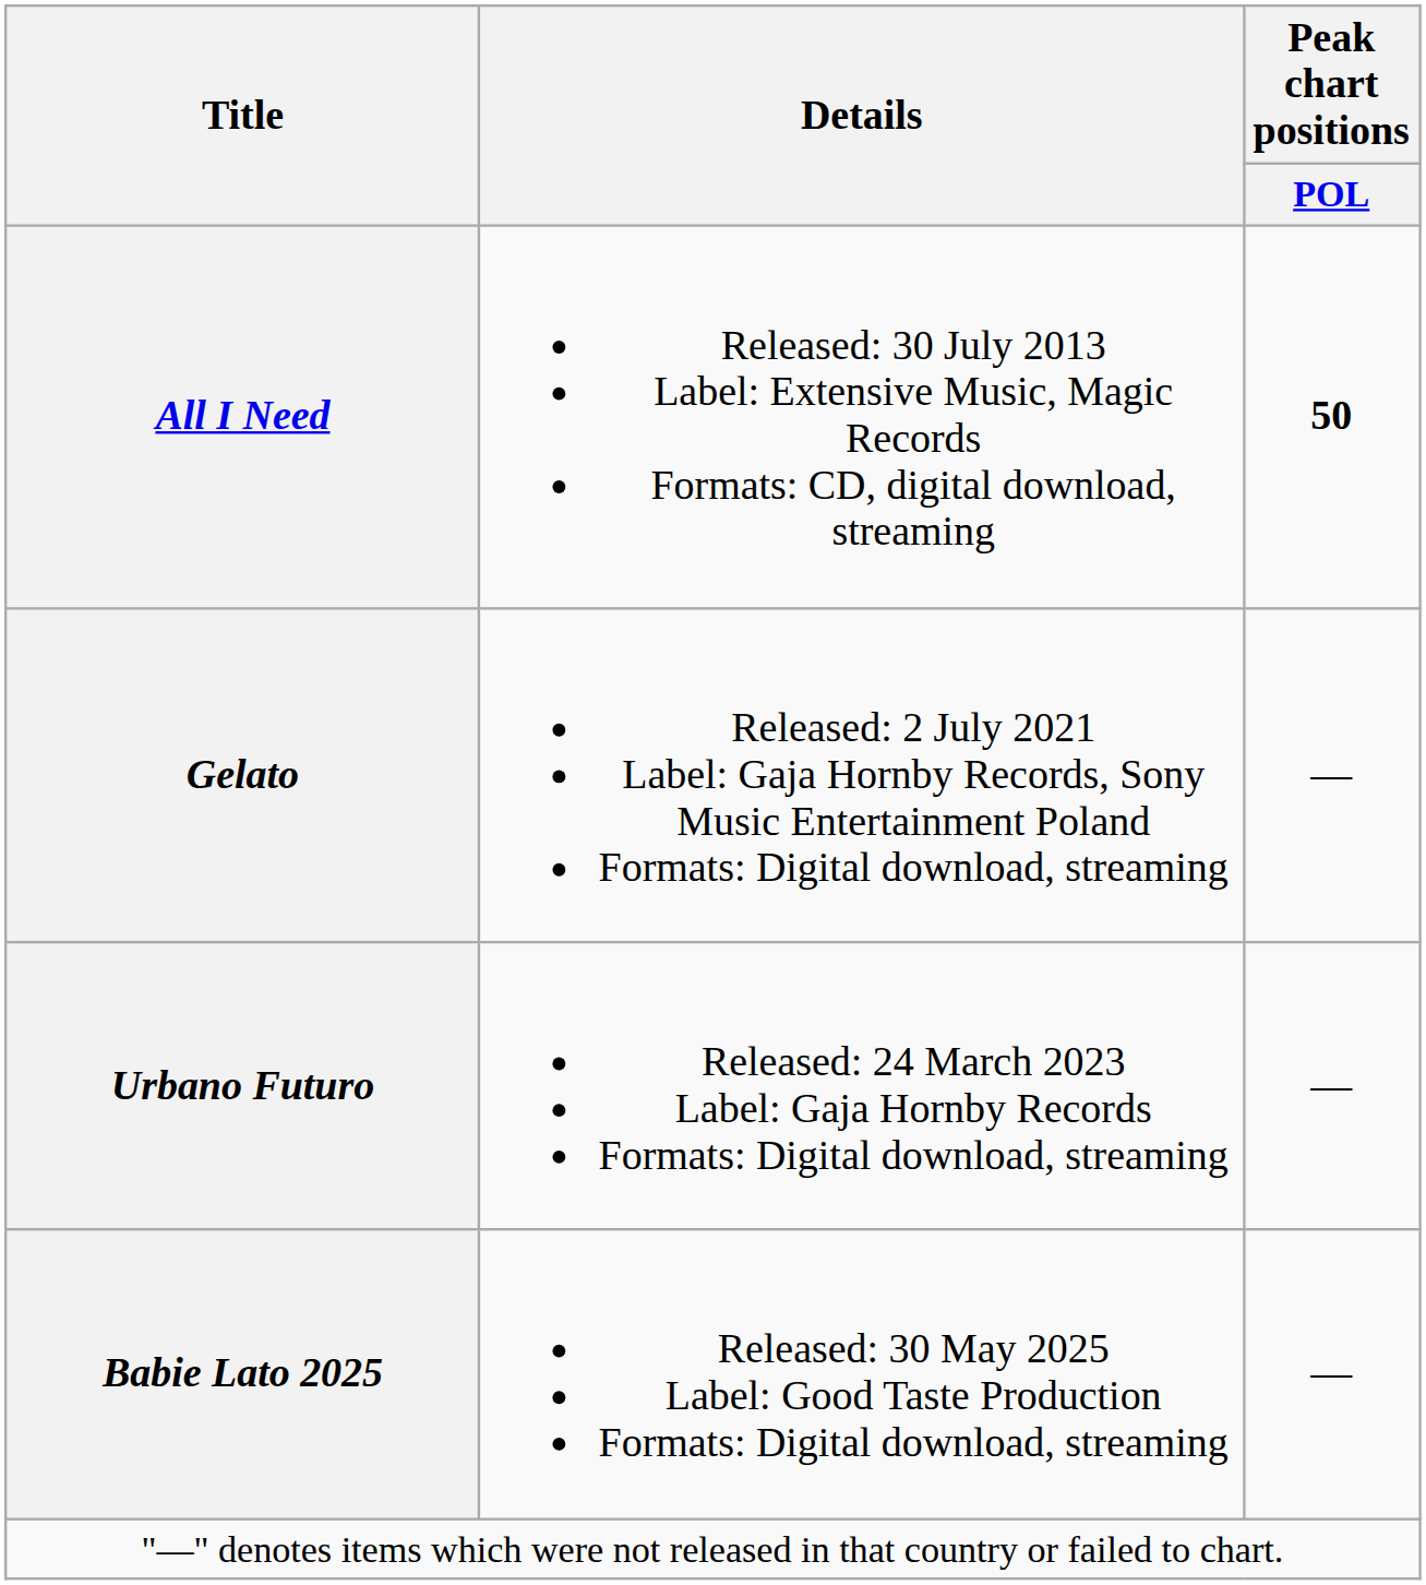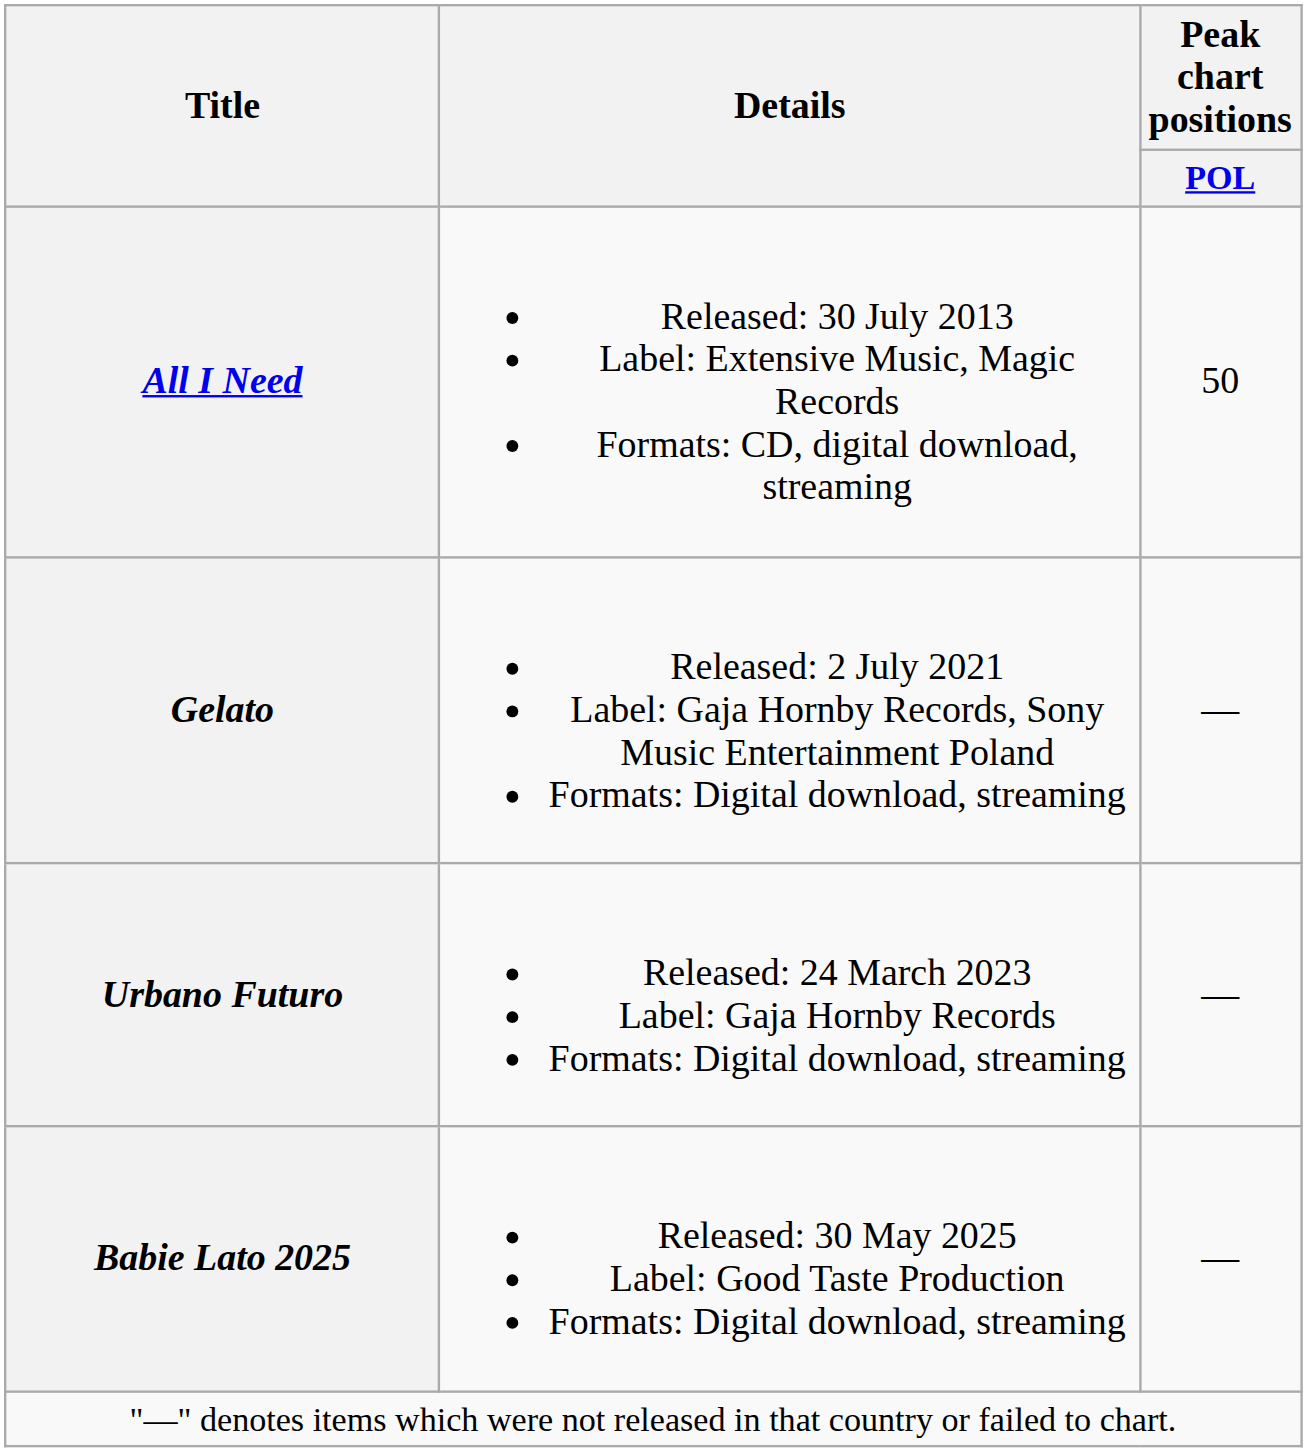 <table class="wikitable plainrowheaders" style="text-align:center;">
 <tr>
 <th scope="col" rowspan="2" style="width:11em;">Title</th>
 <th scope="col" rowspan="2" style="width:18em;">Details</th>
 <th scope="col" colspan="1">Peak chart positions</th>
 </tr>
 <tr>
 <th scope="col" style="width:3em;font-size:90%;"><a href='#'>POL</a><br></th>
 </tr>
 <tr>
 <th scope="row"><em><a href='#'>All I Need</a></em></th>
 <td><br><ul><li>Released: 30 July 2013</li><li>Label: Extensive Music, Magic Records</li><li>Formats: CD, digital download, streaming</li></ul></td>
-<td><strong>50</strong></td>
+<td>50</td>
 </tr>
 <tr>
 <th scope="row"><em>Gelato</em></th>
 <td><br><ul><li>Released: 2 July 2021</li><li>Label: Gaja Hornby Records, Sony Music Entertainment Poland</li><li>Formats: Digital download, streaming</li></ul></td>
 <td>—</td>
 </tr>
 <tr>
 <th scope="row"><em>Urbano Futuro</em></th>
 <td><br><ul><li>Released: 24 March 2023</li><li>Label: Gaja Hornby Records</li><li>Formats: Digital download, streaming</li></ul></td>
 <td>—</td>
 </tr>
 <tr>
 <th scope="row"><em>Babie Lato 2025</em><br></th>
 <td><br><ul><li>Released: 30 May 2025</li><li>Label: Good Taste Production</li><li>Formats: Digital download, streaming</li></ul></td>
 <td>—</td>
 </tr>
 <tr>
 <td colspan="3" style="font-size:90%;">"—" denotes items which were not released in that country or failed to chart.</td>
 </tr>
 </table>
